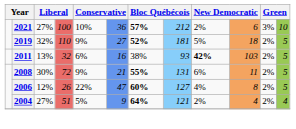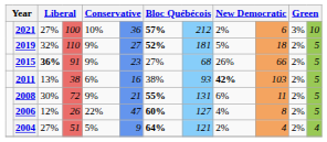 <table class="wikitable" style="width:400; font-size:90%; margin-left:1em;">
 <tr>
 <th colspan="2" scope="col">Year</th>
 <th colspan="2" scope="col"><a href='#'>Liberal</a></th>
 <th colspan="2" scope="col"><a href='#'>Conservative</a></th>
 <th colspan="2" scope="col"><a href='#'>Bloc Québécois</a></th>
 <th colspan="2" scope="col"><a href='#'>New Democratic</a></th>
 <th colspan="2" scope="col"><a href='#'>Green</a></th>
 </tr>
 <tr>
 <td rowspan="2" style="width: 0.25em; background-color: "></td>
 <th><a href='#'>2021</a></th>
 <td>27%</td>
 <td style="text-align:right; background:#EA6D6A;"><em>100</em></td>
 <td>10%</td>
 <td style="text-align:right; background:#6495ED;"><em>36</em></td>
 <td><strong>57%</strong></td>
 <td style="text-align:right; background:#87CEFA;"><em>212</em></td>
 <td>2%</td>
 <td style="text-align:right; background:#F4A460;"><em>6</em></td>
 <td>3%</td>
 <td style="text-align:right; background:#99C955;"><em>10</em></td>
 </tr>
 <tr>
 <th><a href='#'>2019</a></th>
 <td>32%</td>
 <td style="text-align:right; background:#EA6D6A;"><em>110</em></td>
 <td>9%</td>
 <td style="text-align:right; background:#6495ED;"><em>27</em></td>
 <td><strong>52%</strong></td>
 <td style="text-align:right; background:#87CEFA;"><em>181</em></td>
 <td>5%</td>
 <td style="text-align:right; background:#F4A460;"><em>18</em></td>
 <td>2%</td>
 <td style="text-align:right; background:#99C955;"><em>5</em></td>
 </tr>
 <tr>
 <td style="width: 0.25em; background-color: "></td>
+<th><a href='#'>2015</a></th>
+<td><strong>36%</strong></td>
+<td style="text-align:right; background:#EA6D6A;"><em>91</em></td>
+<td>9%</td>
+<td style="text-align:right; background:#6495ED;"><em>23</em></td>
+<td>27%</td>
+<td style="text-align:right; background:#87CEFA;"><em>68</em></td>
+<td>26%</td>
+<td style="text-align:right; background:#F4A460;"><em>66</em></td>
+<td>2%</td>
+<td style="text-align:right; background:#99C955;"><em>5</em></td>
+</tr>
+<tr>
+<td style="width: 0.25em; background-color: "></td>
 <th><a href='#'>2011</a></th>
 <td>13%</td>
-<td style="text-align:right; background:#EA6D6A;"><em>32</em></td>
+<td style="text-align:right; background:#EA6D6A;"><em>38</em></td>
 <td>6%</td>
 <td style="text-align:right; background:#6495ED;"><em>16</em></td>
 <td>38%</td>
 <td style="text-align:right; background:#87CEFA;"><em>93</em></td>
 <td><strong>42%</strong></td>
 <td style="text-align:right; background:#F4A460;"><em>103</em></td>
 <td>2%</td>
 <td style="text-align:right; background:#99C955;"><em>5</em></td>
 </tr>
 <tr>
 <td rowspan="3" style="width: 0.25em; background-color: "></td>
 <th><a href='#'>2008</a></th>
 <td>30%</td>
 <td style="text-align:right; background:#EA6D6A;"><em>72</em></td>
 <td>9%</td>
 <td style="text-align:right; background:#6495ED;"><em>21</em></td>
 <td><strong>55%</strong></td>
 <td style="text-align:right; background:#87CEFA;"><em>131</em></td>
 <td>6%</td>
 <td style="text-align:right; background:#F4A460;"><em>11</em></td>
 <td>2%</td>
 <td style="text-align:right; background:#99C955;"><em>5</em></td>
 </tr>
 <tr>
 <th><a href='#'>2006</a></th>
 <td>12%</td>
 <td style="text-align:right; background:#EA6D6A;"><em>26</em></td>
 <td>22%</td>
 <td style="text-align:right; background:#6495ED;"><em>47</em></td>
 <td><strong>60%</strong></td>
 <td style="text-align:right; background:#87CEFA;"><em>127</em></td>
 <td>4%</td>
 <td style="text-align:right; background:#F4A460;"><em>8</em></td>
 <td>2%</td>
 <td style="text-align:right; background:#99C955;"><em>5</em></td>
 </tr>
 <tr>
 <th><a href='#'>2004</a></th>
 <td>27%</td>
 <td style="text-align:right; background:#EA6D6A;"><em>51</em></td>
 <td>5%</td>
 <td style="text-align:right; background:#6495ED;"><em>9</em></td>
 <td><strong>64%</strong></td>
 <td style="text-align:right; background:#87CEFA;"><em>121</em></td>
 <td>2%</td>
 <td style="text-align:right; background:#F4A460;"><em>4</em></td>
 <td>2%</td>
 <td style="text-align:right; background:#99C955;"><em>4</em></td>
 </tr>
 <tr>
 </tr>
 </table>
